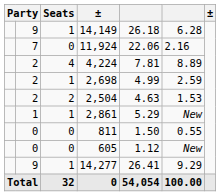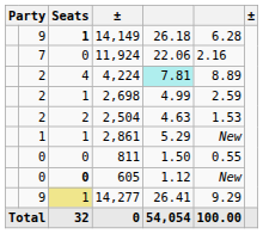 <table class="wikitable" border="1">
 <tr>
 <th colspan="2" align="center">Party</th>
 <th>Seats</th>
 <th>±</th>
 <th></th>
 <th></th>
 <th>±</th>
 </tr>
 <tr>
 <td></td>
 <td align="right">9</td>
-<td align="right">1</td>
+<td align="right"><strong>1</strong></td>
 <td align="right">14,149</td>
 <td align="right">26.18</td>
 <td align="right">6.28</td>
 </tr>
 <tr>
 <td></td>
 <td align="right">7</td>
 <td align="right">0</td>
 <td align="right">11,924</td>
 <td align="right">22.06</td>
 <td align"right">2.16</td>
 </tr>
 <tr>
 <td></td>
 <td align="right">2</td>
 <td align="right">4</td>
 <td align="right">4,224</td>
-<td align="right">7.81</td>
+<td align="right" style="background: paleturquoise;">7.81</td>
 <td align="right">8.89</td>
 </tr>
 <tr>
 <td></td>
 <td align="right">2</td>
 <td align="right">1</td>
 <td align="right">2,698</td>
 <td align="right">4.99</td>
 <td align="right">2.59</td>
 </tr>
 <tr>
 <td></td>
 <td align="right">2</td>
 <td align="right">2</td>
 <td align="right">2,504</td>
 <td align="right">4.63</td>
 <td align="right">1.53</td>
 </tr>
 <tr>
 <td></td>
 <td align="right">1</td>
 <td align="right">1</td>
 <td align="right">2,861</td>
 <td align="right">5.29</td>
 <td align="right"><em>New</em></td>
 </tr>
 <tr>
 <td></td>
 <td align="right">0</td>
 <td align="right">0</td>
 <td align="right">811</td>
 <td align="right">1.50</td>
 <td align="right">0.55</td>
 </tr>
 <tr>
 <td></td>
 <td align="right">0</td>
-<td align="right">0</td>
+<td align="right"><strong>0</strong></td>
 <td align="right">605</td>
 <td align="right">1.12</td>
 <td align="right"><em>New</em></td>
 </tr>
 <tr>
 <td></td>
 <td align="right">9</td>
-<td align="right">1</td>
+<td align="right" style="background: khaki;">1</td>
 <td align="right">14,277</td>
 <td align="right">26.41</td>
 <td align="right">9.29</td>
 </tr>
 <tr style="font-weight:bold; background:rgb(232,232,232);">
 <td colspan="2" align="center">Total</td>
 <td align="right">32</td>
 <td align="right">0</td>
 <td align="right">54,054</td>
 <td align="center">100.00</td>
 <td align="right"></td>
 </tr>
 </table>
